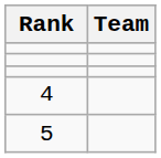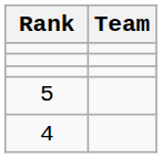 <table class=wikitable style="text-align:center;">
 <tr>
 <th width=40>Rank</th>
 <th>Team</th>
 </tr>
 <tr>
 <td></td>
 <td align=left></td>
 </tr>
 <tr>
 <td></td>
 <td align=left></td>
 </tr>
 <tr>
 <td></td>
 <td align=left></td>
 </tr>
 <tr>
+<td>5</td>
+<td align=left></td>
+</tr>
+<tr>
 <td>4</td>
 <td align=left></td>
 </tr>
-<tr>
-<td>5</td>
-<td align=left></td>
-</tr>
 </table>
